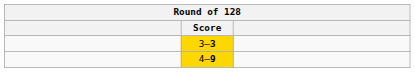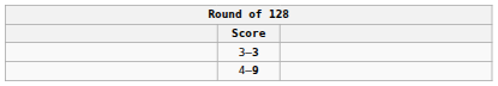 <table class="wikitable" style="text-align: center; font-size:90% ">
 <tr>
 <th colspan=4>Round of 128</th>
 </tr>
 <tr>
 <th width=215></th>
 <th width=60>Score</th>
 <th width=215></th>
 </tr>
 <tr>
 <td align=left></td>
-<td style="background: gold;">3–<strong>3</strong></td>
+<td>3–<strong>3</strong></td>
 <td align=left><strong></strong></td>
 </tr>
 <tr>
 <td align=left></td>
-<td style="background: gold;">4–<strong>9</strong></td>
+<td>4–<strong>9</strong></td>
 <td align=left><strong></strong></td>
 </tr>
 </table>
